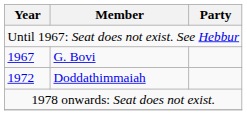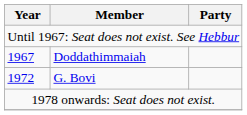 <table class="wikitable sortable">
 <tr>
 <th>Year</th>
 <th>Member</th>
 <th colspan="2">Party</th>
 </tr>
 <tr>
 <td colspan=4 align=center>Until 1967: <em>Seat does not exist. See <a href='#'>Hebbur</a></em></td>
 </tr>
 <tr>
 <td><a href='#'>1967</a></td>
-<td><a href='#'>G. Bovi</a></td>
+<td><a href='#'>Doddathimmaiah</a></td>
 <td></td>
 </tr>
 <tr>
 <td><a href='#'>1972</a></td>
-<td><a href='#'>Doddathimmaiah</a></td>
+<td><a href='#'>G. Bovi</a></td>
 <td></td>
 </tr>
 <tr>
 <td colspan=4 align=center>1978 onwards: <em>Seat does not exist.</em></td>
 </tr>
 <tr>
 </tr>
 </table>
